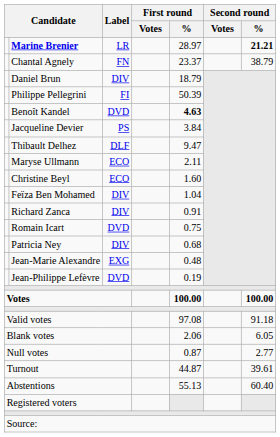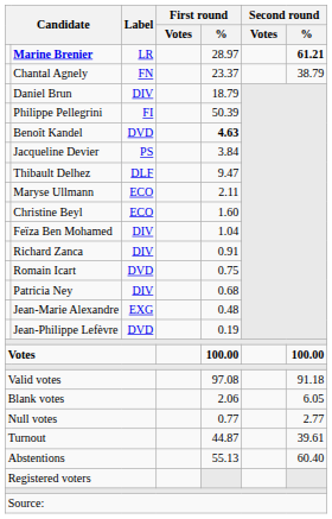 <table class="wikitable" style="text-align:right;font-size:95%;">
 <tr>
 <th colspan="2" rowspan="2">Candidate</th>
 <th rowspan="2">Label</th>
 <th colspan="2">First round</th>
 <th colspan="2">Second round</th>
 </tr>
 <tr>
 <th style="width:50px;">Votes</th>
 <th style="width:45px;">%</th>
 <th style="width:50px;">Votes</th>
 <th style="width:45px;">%</th>
 </tr>
 <tr>
 <td style="color:inherit;background:"></td>
 <td style="text-align:left;"><strong><a href='#'>Marine Brenier</a></strong></td>
 <td><a href='#'>LR</a></td>
 <td></td>
 <td>28.97</td>
 <td><strong></strong></td>
-<td><strong>21.21</strong></td>
+<td><strong>61.21</strong></td>
 </tr>
 <tr>
 <td style="color:inherit;background:"></td>
 <td style="text-align:left;">Chantal Agnely</td>
 <td><a href='#'>FN</a></td>
 <td></td>
 <td>23.37</td>
 <td></td>
 <td>38.79</td>
 </tr>
 <tr>
 <td style="color:inherit;background:"></td>
 <td style="text-align:left;">Daniel Brun</td>
 <td><a href='#'>DIV</a></td>
 <td></td>
 <td>18.79</td>
 <td colspan="2" rowspan="13" style="background:#E9E9E9;"></td>
 </tr>
 <tr>
 <td style="color:inherit;background:"></td>
 <td style="text-align:left;">Philippe Pellegrini</td>
 <td><a href='#'>FI</a></td>
 <td></td>
 <td>50.39</td>
 </tr>
 <tr>
 <td style="color:inherit;background:"></td>
 <td style="text-align:left;">Benoît Kandel</td>
 <td><a href='#'>DVD</a></td>
 <td></td>
 <td><strong>4.63</strong></td>
 </tr>
 <tr>
 <td style="color:inherit;background:"></td>
 <td style="text-align:left;">Jacqueline Devier</td>
 <td><a href='#'>PS</a></td>
 <td></td>
 <td>3.84</td>
 </tr>
 <tr>
 <td style="color:inherit;background:"></td>
 <td style="text-align:left;">Thibault Delhez</td>
 <td><a href='#'>DLF</a></td>
 <td></td>
 <td>9.47</td>
 </tr>
 <tr>
 <td style="color:inherit;background:"></td>
 <td style="text-align:left;">Maryse Ullmann</td>
 <td><a href='#'>ECO</a></td>
 <td></td>
 <td>2.11</td>
 </tr>
 <tr>
 <td style="color:inherit;background:"></td>
 <td style="text-align:left;">Christine Beyl</td>
 <td><a href='#'>ECO</a></td>
 <td></td>
 <td>1.60</td>
 </tr>
 <tr>
 <td style="color:inherit;background:"></td>
 <td style="text-align:left;">Feïza Ben Mohamed</td>
 <td><a href='#'>DIV</a></td>
 <td></td>
 <td>1.04</td>
 </tr>
 <tr>
 <td style="color:inherit;background:"></td>
 <td style="text-align:left;">Richard Zanca</td>
 <td><a href='#'>DIV</a></td>
 <td></td>
 <td>0.91</td>
 </tr>
 <tr>
 <td style="color:inherit;background:"></td>
 <td style="text-align:left;">Romain Icart</td>
 <td><a href='#'>DVD</a></td>
 <td></td>
 <td>0.75</td>
 </tr>
 <tr>
 <td style="color:inherit;background:"></td>
 <td style="text-align:left;">Patricia Ney</td>
 <td><a href='#'>DIV</a></td>
 <td></td>
 <td>0.68</td>
 </tr>
 <tr>
 <td style="color:inherit;background:"></td>
 <td style="text-align:left;">Jean-Marie Alexandre</td>
 <td><a href='#'>EXG</a></td>
 <td></td>
 <td>0.48</td>
 </tr>
 <tr>
 <td style="color:inherit;background:"></td>
 <td style="text-align:left;">Jean-Philippe Lefèvre</td>
 <td><a href='#'>DVD</a></td>
 <td></td>
 <td>0.19</td>
 </tr>
 <tr>
 <td colspan="7" style="background:#E9E9E9;"></td>
 </tr>
 <tr style="font-weight:bold;">
 <td colspan="3" style="text-align:left;">Votes</td>
 <td></td>
 <td>100.00</td>
 <td></td>
 <td>100.00</td>
 </tr>
 <tr>
 <td colspan="7" style="background:#E9E9E9;"></td>
 </tr>
 <tr>
 <td colspan="3" style="text-align:left;">Valid votes</td>
 <td></td>
 <td>97.08</td>
 <td></td>
 <td>91.18</td>
 </tr>
 <tr>
 <td colspan="3" style="text-align:left;">Blank votes</td>
 <td></td>
 <td>2.06</td>
 <td></td>
 <td>6.05</td>
 </tr>
 <tr>
 <td colspan="3" style="text-align:left;">Null votes</td>
 <td></td>
-<td>0.87</td>
+<td>0.77</td>
 <td></td>
 <td>2.77</td>
 </tr>
 <tr>
 <td colspan="3" style="text-align:left;">Turnout</td>
 <td></td>
 <td>44.87</td>
 <td></td>
 <td>39.61</td>
 </tr>
 <tr>
 <td colspan="3" style="text-align:left;">Abstentions</td>
 <td></td>
 <td>55.13</td>
 <td></td>
 <td>60.40</td>
 </tr>
 <tr>
 <td colspan="3" style="text-align:left;">Registered voters</td>
 <td></td>
 <td style="background:#E9E9E9;"></td>
 <td></td>
 <td style="background:#E9E9E9;"></td>
 </tr>
 <tr>
 <td colspan="7" style="background:#E9E9E9;"></td>
 </tr>
 <tr>
 <td colspan="7" style="text-align:left;">Source: </td>
 </tr>
 </table>
